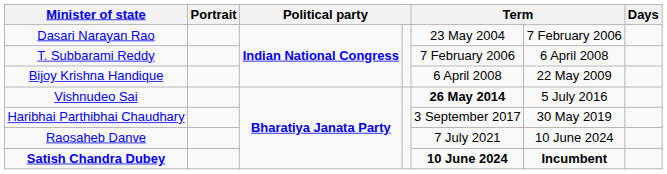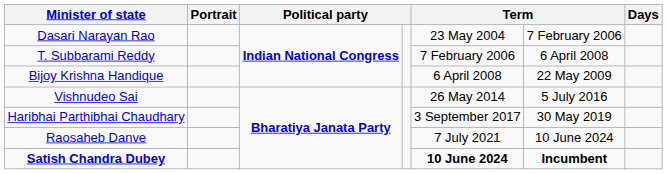 <table class="wikitable sortable mw-collapsible style=" ;"sortable mw-collapsible">
 <tr>
 <th><a href='#'>Minister of state</a></th>
 <th>Portrait</th>
 <th colspan=2>Political party</th>
 <th colspan="2">Term</th>
 <th>Days</th>
 </tr>
 <tr align=center>
 <td><a href='#'>Dasari Narayan Rao</a></td>
 <td></td>
 <td rowspan="3"><strong><a href='#'>Indian National Congress</a></strong></td>
 <td rowspan="3" width="4px"></td>
 <td>23 May 2004</td>
 <td>7 February 2006</td>
 <td></td>
 </tr>
 <tr align=center>
 <td><a href='#'>T. Subbarami Reddy</a></td>
 <td></td>
 <td>7 February 2006</td>
 <td>6 April 2008</td>
 <td></td>
 </tr>
 <tr align=center>
 <td><a href='#'>Bijoy Krishna Handique</a></td>
 <td></td>
 <td>6 April 2008</td>
 <td>22 May 2009</td>
 <td></td>
 </tr>
 <tr align=center>
 <td><a href='#'>Vishnudeo Sai</a></td>
 <td></td>
 <td rowspan="4"><strong><a href='#'>Bharatiya Janata Party</a></strong></td>
 <td rowspan="4" width="4px"></td>
-<td><strong>26 May 2014</strong></td>
+<td>26 May 2014</td>
 <td>5 July 2016</td>
 <td></td>
 </tr>
 <tr align=center>
 <td><a href='#'>Haribhai Parthibhai Chaudhary</a></td>
 <td></td>
 <td>3 September 2017</td>
 <td>30 May 2019</td>
 <td></td>
 </tr>
 <tr align=center>
 <td><a href='#'>Raosaheb Danve</a></td>
 <td></td>
 <td>7 July 2021</td>
 <td>10 June 2024</td>
 <td></td>
 </tr>
 <tr align=center>
 <td><strong><a href='#'>Satish Chandra Dubey</a></strong></td>
 <td></td>
 <td><strong>10 June 2024</strong></td>
 <td><strong>Incumbent</strong></td>
 <td><strong></strong></td>
 </tr>
 </table>
